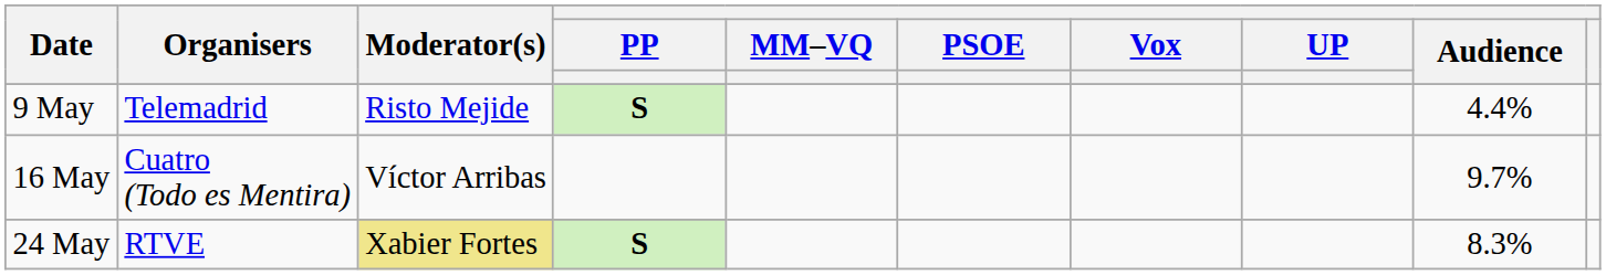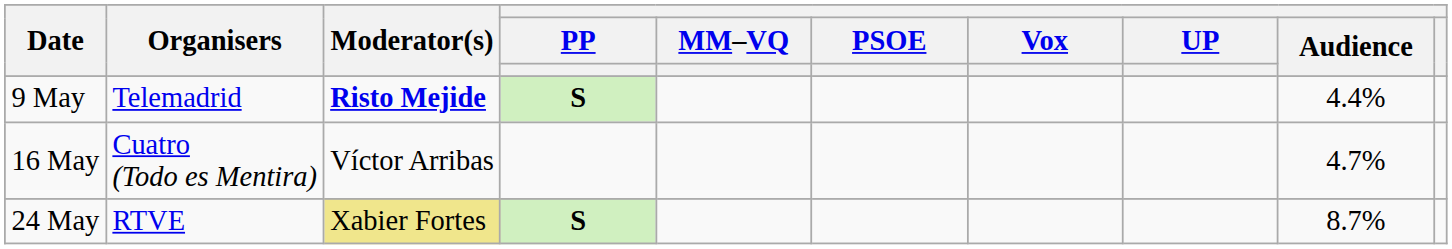 <table class="wikitable" style="text-align:center;">
 <tr>
 <th rowspan="3">Date</th>
 <th rowspan="3">Organisers</th>
 <th rowspan="3">Moderator(s)</th>
 <th colspan="8">      </th>
 </tr>
 <tr>
 <th scope="col" style="width:5em;"><a href='#'>PP</a></th>
 <th scope="col" style="width:5em;"><a href='#'>MM</a>–<a href='#'>VQ</a></th>
 <th scope="col" style="width:5em;"><a href='#'>PSOE</a></th>
 <th scope="col" style="width:5em;"><a href='#'>Vox</a></th>
 <th scope="col" style="width:5em;"><a href='#'>UP</a></th>
 <th rowspan="2" scope="col" style="width:5em;">Audience</th>
 <th rowspan="2"></th>
 </tr>
 <tr>
 <th style="color:inherit;background:"></th>
 <th style="color:inherit;background:"></th>
 <th style="color:inherit;background:"></th>
 <th style="color:inherit;background:"></th>
 <th style="color:inherit;background:"></th>
 </tr>
 <tr>
 <td style="white-space:nowrap; text-align:left;">9 May</td>
 <td style="white-space:nowrap; text-align:left;"><a href='#'>Telemadrid</a></td>
-<td style="white-space:nowrap; text-align:left;"><a href='#'>Risto Mejide</a></td>
+<td style="white-space:nowrap; text-align:left;"><strong><a href='#'>Risto Mejide</a></strong></td>
 <td style="background:#D0F0C0;"><strong>S</strong><br></td>
 <td></td>
 <td></td>
 <td></td>
 <td></td>
 <td>4.4%<br></td>
 <td><br></td>
 </tr>
 <tr>
 <td style="white-space:nowrap; text-align:left;">16 May</td>
 <td style="white-space:nowrap; text-align:left;"><a href='#'>Cuatro</a><br><em>(Todo es Mentira)</em></td>
 <td style="white-space:nowrap; text-align:left;">Víctor Arribas</td>
 <td></td>
 <td></td>
 <td></td>
 <td></td>
 <td></td>
-<td>9.7%<br></td>
+<td>4.7%<br></td>
 <td><br></td>
 </tr>
 <tr>
 <td style="white-space:nowrap; text-align:left;">24 May</td>
 <td style="white-space:nowrap; text-align:left;"><a href='#'>RTVE</a></td>
 <td style="background: khaki; white-space:nowrap; text-align:left;">Xabier Fortes</td>
 <td style="background:#D0F0C0;"><strong>S</strong><br></td>
 <td></td>
 <td></td>
 <td></td>
 <td></td>
-<td>8.3%<br></td>
+<td>8.7%<br></td>
 <td><br></td>
 </tr>
 </table>
